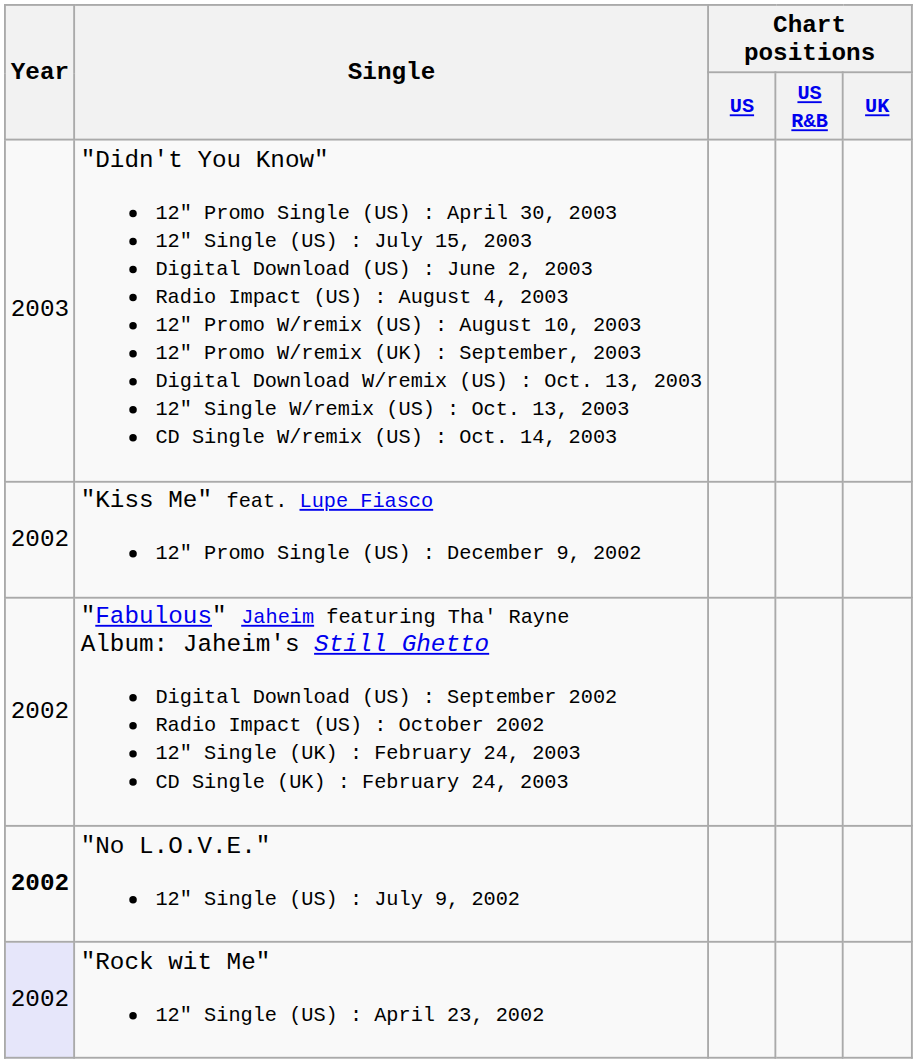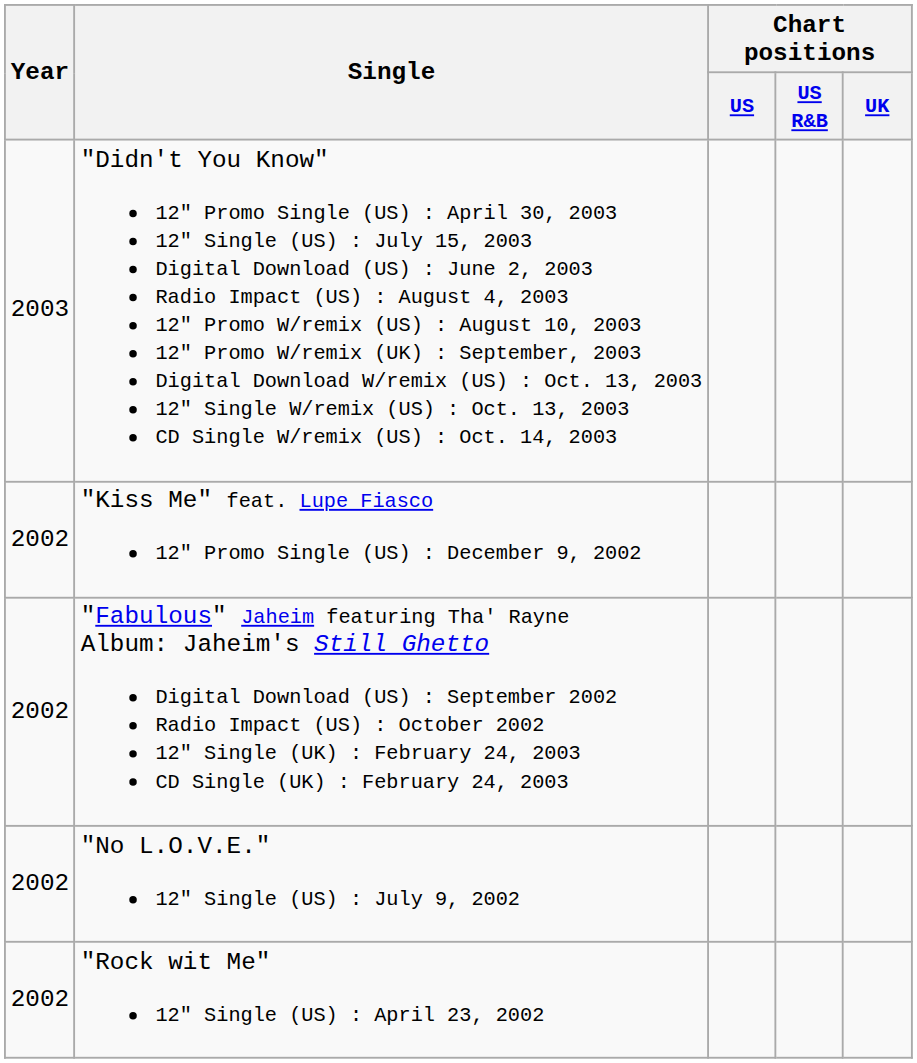 <table class="wikitable">
 <tr>
 <th rowspan="2">Year</th>
 <th rowspan="2">Single</th>
 <th colspan="12">Chart positions</th>
 </tr>
 <tr>
 <th style="width:30px;"><small><a href='#'>US</a></small></th>
 <th style="width:30px;"><small><a href='#'>US R&B</a></small></th>
 <th style="width:30px;"><small><a href='#'>UK</a></small></th>
 </tr>
 <tr>
 <td>2003</td>
 <td>"Didn't You Know" <small></small><br><ul><li><small>12" Promo Single (US) : April 30, 2003</small></li><li><small>12" Single (US) : July 15, 2003</small></li><li><small>Digital Download (US) : June 2, 2003</small></li><li><small>Radio Impact (US) : August 4, 2003</small></li><li><small>12" Promo W/remix (US) : August 10, 2003</small></li><li><small>12" Promo W/remix (UK) : September, 2003</small></li><li><small>Digital Download W/remix (US) : Oct. 13, 2003</small></li><li><small>12" Single W/remix (US) : Oct. 13, 2003</small></li><li><small>CD Single W/remix (US) : Oct. 14, 2003</small></li></ul></td>
 <td></td>
 <td></td>
 <td></td>
 </tr>
 <tr>
 <td>2002</td>
 <td>"Kiss Me" <small>feat. <a href='#'>Lupe Fiasco</a></small><br><ul><li><small>12" Promo Single (US) : December 9, 2002</small></li></ul></td>
 <td></td>
 <td></td>
 <td></td>
 </tr>
 <tr>
 <td>2002</td>
 <td>"<a href='#'>Fabulous</a>" <small><a href='#'>Jaheim</a> featuring Tha' Rayne</small><br>Album: Jaheim's <em><a href='#'>Still Ghetto</a></em><ul><li><small>Digital Download (US) : September 2002</small></li><li><small>Radio Impact (US) : October 2002</small></li><li><small>12" Single (UK) : February 24, 2003</small></li><li><small>CD Single (UK) : February 24, 2003</small></li></ul></td>
 <td></td>
 <td></td>
 <td></td>
 </tr>
 <tr>
-<td><strong>2002</strong></td>
+<td>2002</td>
 <td>"No L.O.V.E." <small></small><br><ul><li><small>12" Single (US) : July 9, 2002</small></li></ul></td>
 <td></td>
 <td></td>
 <td></td>
 </tr>
 <tr>
-<td style="background: lavender;">2002</td>
+<td>2002</td>
 <td>"Rock wit Me" <small></small><br><ul><li><small>12" Single (US) : April 23, 2002</small></li></ul></td>
 <td></td>
 <td></td>
 <td></td>
 </tr>
 </table>
